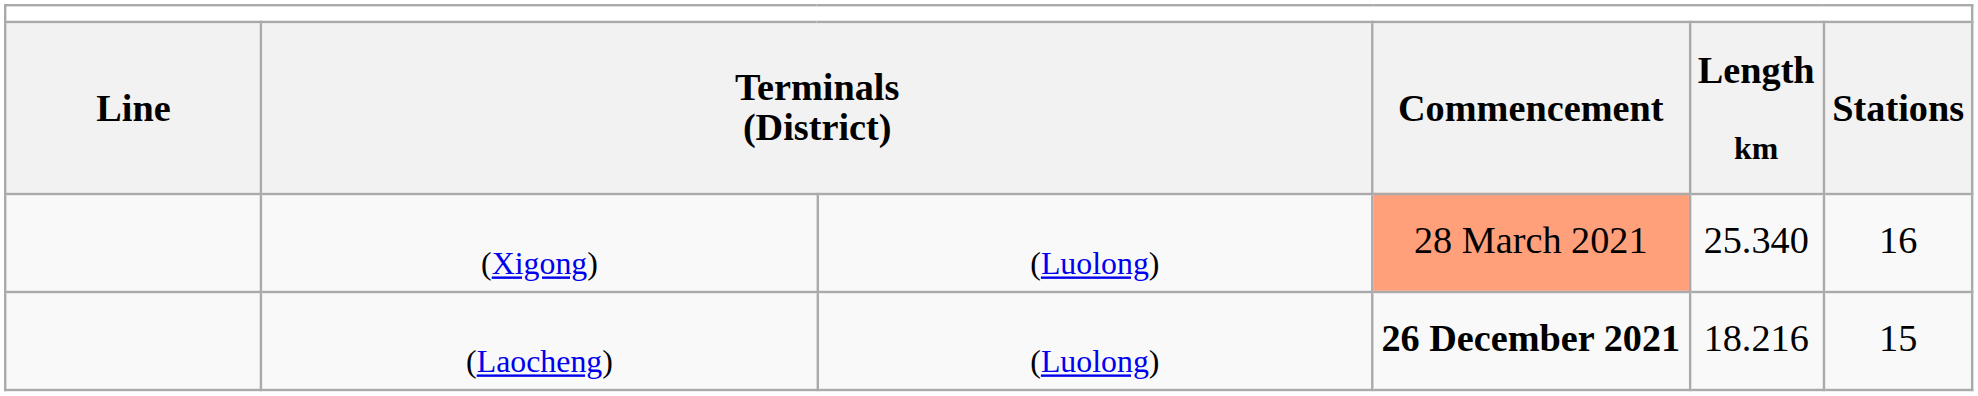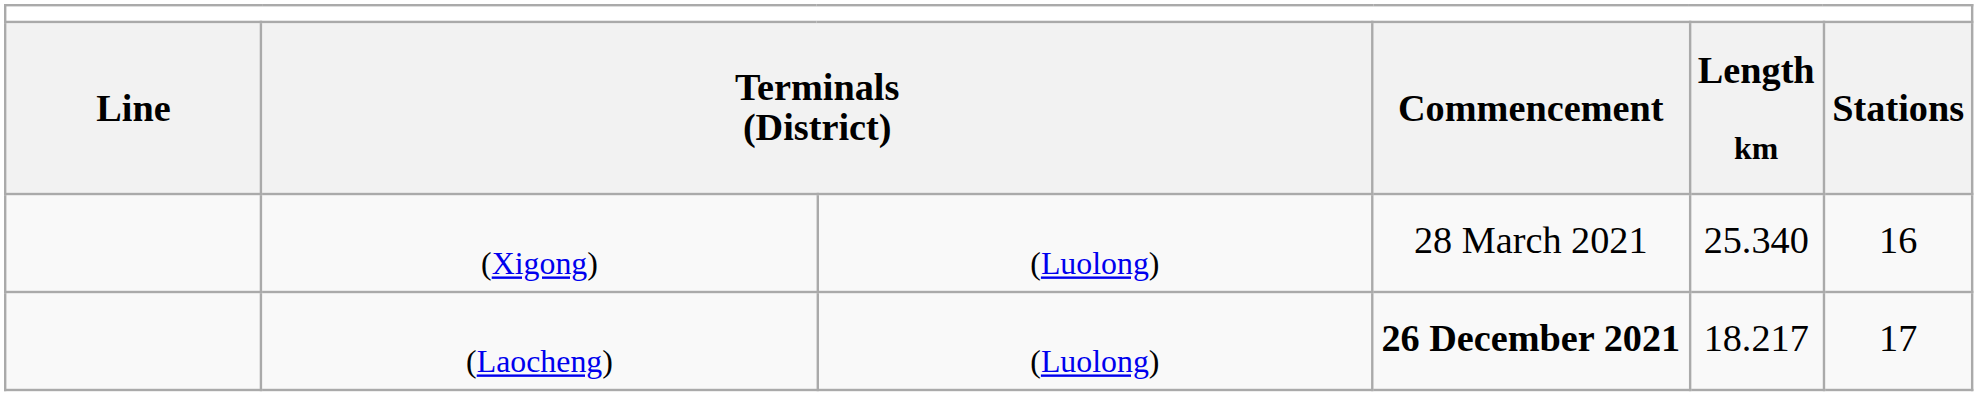 <table class="wikitable sortable" style="cell-padding:1.5; font-size:100%; text-align:center;">
 <tr>
 <td colspan="6" bgcolor="#fff"></td>
 </tr>
 <tr>
 <th data-sort-type="text"style="width:100px;">Line</th>
 <th class="unsortable" colspan="2" style="width:400px; line-height:1.05">Terminals<br>(District)</th>
 <th>Commencement</th>
 <th style="line-height:2">Length<br><small>km</small></th>
 <th style="line-height:2">Stations</th>
 </tr>
 <tr>
 <td style="text-align:center; line-height:1.05"></td>
 <td style="text-align:center; width:225px; line-height:1.05"><strong></strong><br><small>(<a href='#'>Xigong</a>)</small></td>
 <td style="text-align:center; width:225px; line-height:1.05"><strong></strong><br><small>(<a href='#'>Luolong</a>)</small></td>
-<td style="background: lightsalmon; text-align:center; line-height:1.05">28 March 2021</td>
+<td style="text-align:center; line-height:1.05">28 March 2021</td>
 <td style="text-align:center; line-height:1.05">25.340</td>
 <td style="text-align:center; line-height:1.05">16</td>
 </tr>
 <tr>
 <td style="text-align:center; line-height:1.05"></td>
 <td style="text-align:center; width:225px; line-height:1.05"><strong></strong><br><small>(<a href='#'>Laocheng</a>)</small></td>
 <td style="text-align:center; width:225px; line-height:1.05"><strong></strong><br><small>(<a href='#'>Luolong</a>)</small></td>
 <td style="text-align:center; line-height:1.05"><strong>26 December 2021</strong></td>
-<td style="text-align:center; line-height:1.05">18.216</td>
-<td style="text-align:center; line-height:1.05">15</td>
+<td style="text-align:center; line-height:1.05">18.217</td>
+<td style="text-align:center; line-height:1.05">17</td>
 </tr>
 </table>
